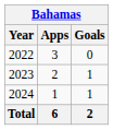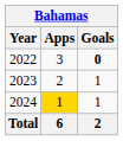 <table class="wikitable" style="text-align:center">
 <tr>
 <th colspan=3><a href='#'>Bahamas</a></th>
 </tr>
 <tr>
 <th>Year</th>
 <th>Apps</th>
 <th>Goals</th>
 </tr>
 <tr>
 <td>2022</td>
 <td>3</td>
-<td>0</td>
+<td><strong>0</strong></td>
 </tr>
 <tr>
 <td>2023</td>
 <td>2</td>
 <td>1</td>
 </tr>
 <tr>
 <td>2024</td>
-<td>1</td>
+<td style="background: gold;">1</td>
 <td>1</td>
 </tr>
 <tr>
 <th>Total</th>
 <th>6</th>
 <th>2</th>
 </tr>
 </table>
